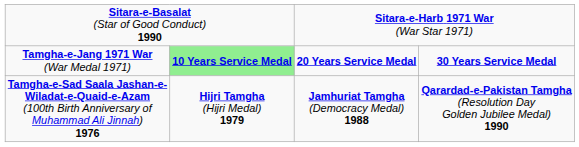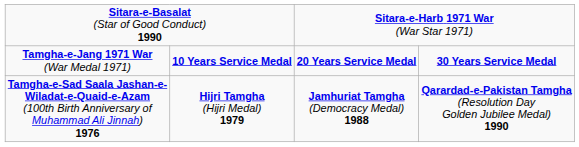 <table class="wikitable" style="margin:1em auto; text-align:center;">
 <tr>
 <td colspan="2"><strong><a href='#'>Sitara-e-Basalat</a></strong><br><em>(Star of Good Conduct)</em><br><strong>1990</strong></td>
 <td colspan="2"><a href='#'><strong>Sitara-e-Harb</strong> <strong>1971 War</strong></a><br><em>(War Star 1971)</em></td>
 </tr>
 <tr>
 <td><strong><a href='#'>Tamgha-e-Jang 1971 War</a></strong><br><em>(War Medal 1971)</em></td>
-<td style="background: lightgreen;"><strong><a href='#'>10 Years Service Medal</a></strong></td>
+<td><strong><a href='#'>10 Years Service Medal</a></strong></td>
 <td><strong><a href='#'>20 Years Service Medal</a></strong></td>
 <td><strong><a href='#'>30 Years Service Medal</a></strong></td>
 </tr>
 <tr>
 <td><strong><a href='#'>Tamgha-e-Sad Saala Jashan-e-</a></strong><br><strong><a href='#'>Wiladat-e-Quaid-e-Azam</a></strong><br><em>(100th Birth Anniversary of</em><br><em><a href='#'>Muhammad Ali Jinnah</a>)</em><br><strong>1976</strong></td>
 <td><strong><a href='#'>Hijri Tamgha</a></strong><br><em>(Hijri Medal)</em><br><strong>1979</strong></td>
 <td><strong><a href='#'>Jamhuriat Tamgha</a></strong><br><em>(Democracy Medal)</em><br><strong>1988</strong></td>
 <td><strong><a href='#'>Qarardad-e-Pakistan Tamgha</a></strong><br><em>(Resolution Day</em><br><em>Golden Jubilee Medal)</em><br><strong>1990</strong></td>
 </tr>
 </table>
